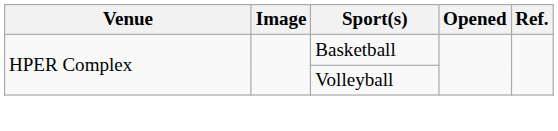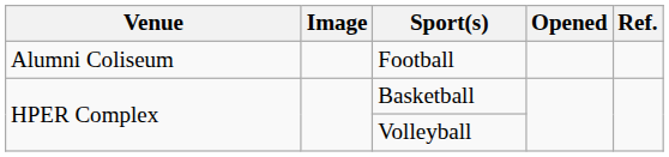 <table class="wikitable"; style= "text-align: ">
 <tr>
 <th width=200px>Venue</th>
 <th width=px>Image</th>
 <th width=100px>Sport(s)</th>
 <th width=px>Opened</th>
 <th width=0px>Ref.</th>
+</tr>
+<tr>
+<td>Alumni Coliseum</td>
+<td></td>
+<td>Football</td>
+<td></td>
+<td></td>
 </tr>
 <tr>
 <td rowspan=2>HPER Complex</td>
 <td rowspan=2></td>
 <td>Basketball</td>
 <td rowspan=2></td>
 <td rowspan=2></td>
 </tr>
 <tr>
 <td>Volleyball</td>
 </tr>
 </table>
